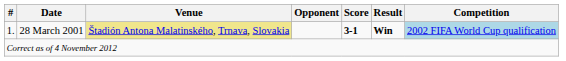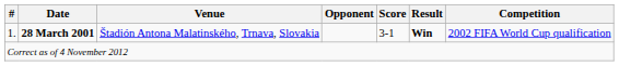 <table class="wikitable" style="font-size:95%;">
 <tr>
 <th>#</th>
 <th>Date</th>
 <th>Venue</th>
 <th>Opponent</th>
 <th>Score</th>
 <th>Result</th>
 <th>Competition</th>
 </tr>
 <tr>
 <td>1.</td>
-<td>28 March 2001</td>
-<td style="background: khaki;"><a href='#'>Štadión Antona Malatinského</a>, <a href='#'>Trnava</a>, <a href='#'>Slovakia</a></td>
+<td><strong>28 March 2001</strong></td>
+<td><a href='#'>Štadión Antona Malatinského</a>, <a href='#'>Trnava</a>, <a href='#'>Slovakia</a></td>
 <td></td>
-<td><strong>3-1</strong></td>
+<td>3-1</td>
 <td><strong>Win</strong></td>
-<td style="background: lightblue;"><a href='#'>2002 FIFA World Cup qualification</a></td>
+<td><a href='#'>2002 FIFA World Cup qualification</a></td>
 </tr>
 <tr>
 <td colspan="12"><small><em>Correct as of 4 November 2012</em></small></td>
 </tr>
 </table>
